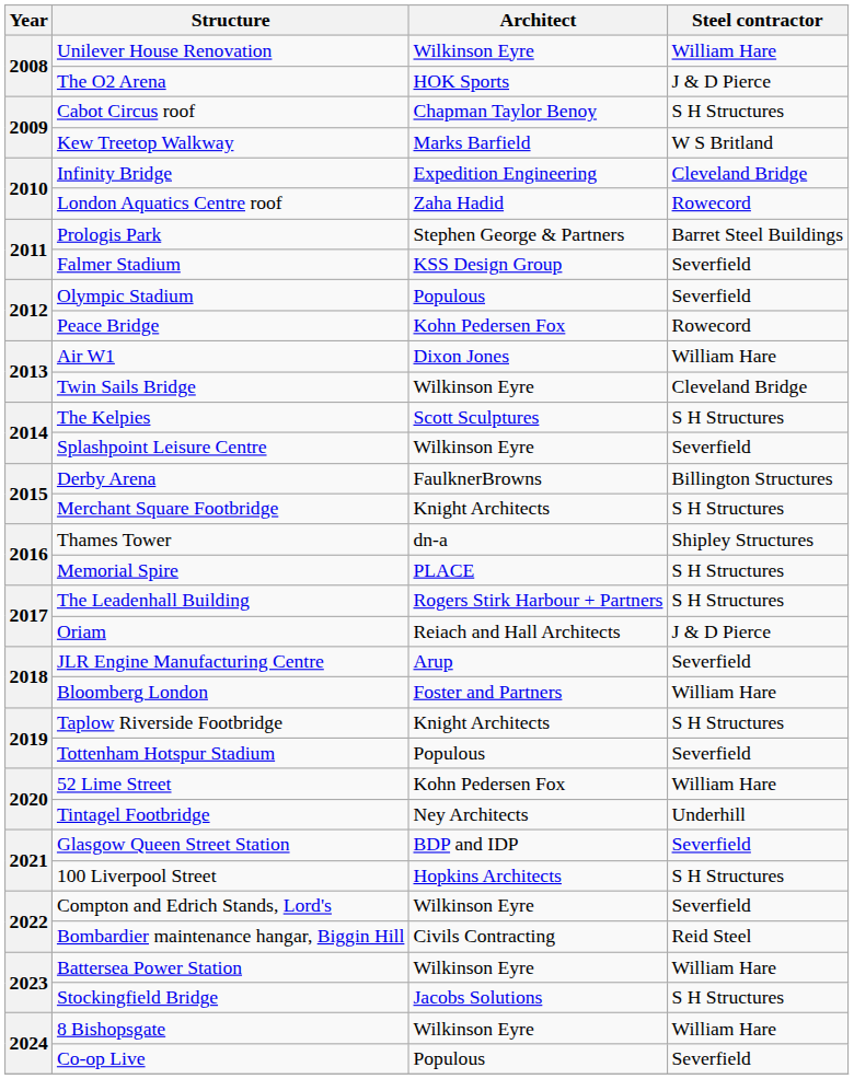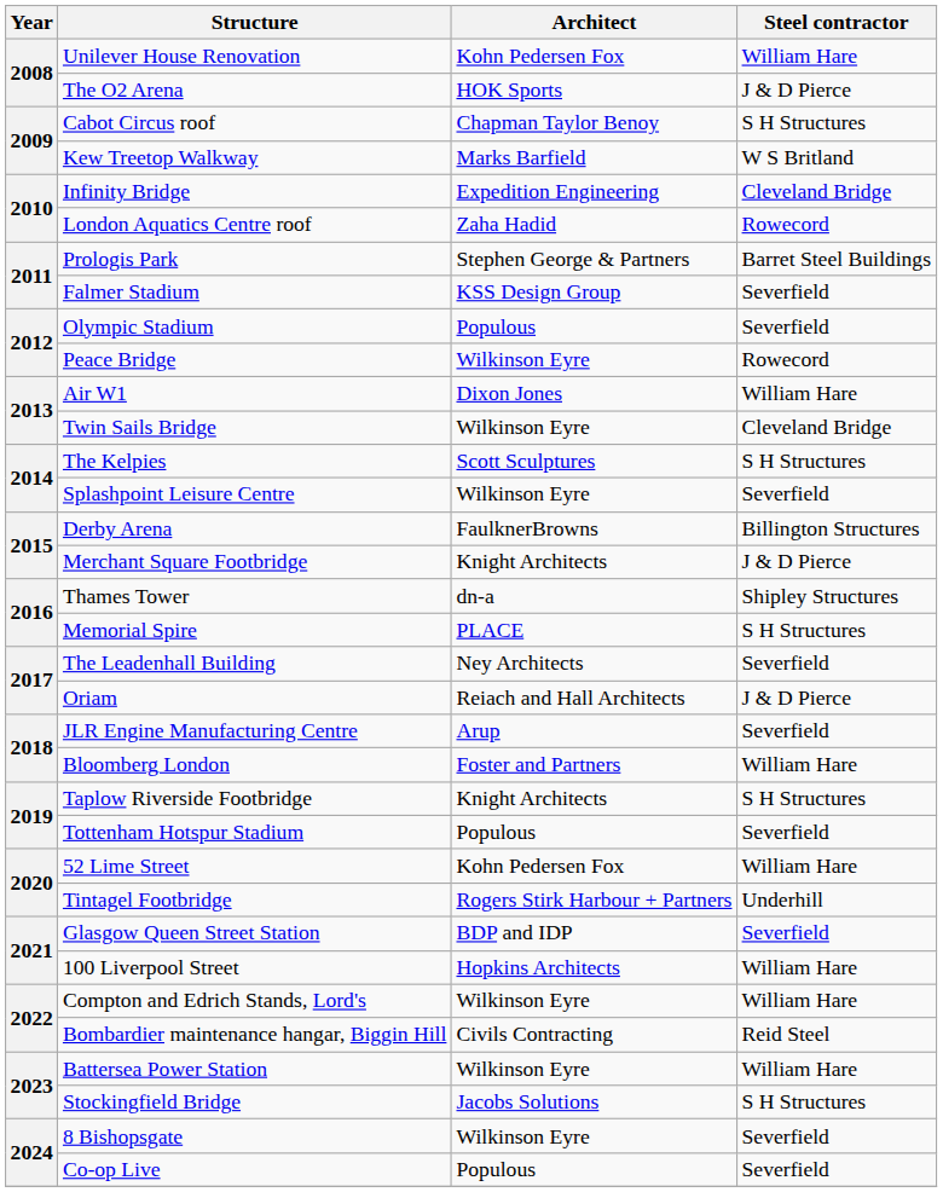 <table class="wikitable">
 <tr>
 <th>Year</th>
 <th>Structure</th>
 <th>Architect</th>
 <th>Steel contractor</th>
 </tr>
 <tr>
 <th rowspan=2>2008</th>
 <td><a href='#'>Unilever House Renovation</a></td>
-<td><a href='#'>Wilkinson Eyre</a></td>
+<td><a href='#'>Kohn Pedersen Fox</a></td>
 <td><a href='#'>William Hare</a></td>
 </tr>
 <tr>
 <td><a href='#'>The O2 Arena</a></td>
 <td><a href='#'>HOK Sports</a></td>
 <td>J & D Pierce</td>
 </tr>
 <tr>
 <th rowspan=2>2009</th>
 <td><a href='#'>Cabot Circus</a> roof</td>
 <td><a href='#'>Chapman Taylor Benoy</a></td>
 <td>S H Structures</td>
 </tr>
 <tr>
 <td><a href='#'>Kew Treetop Walkway</a></td>
 <td><a href='#'>Marks Barfield</a></td>
 <td>W S Britland</td>
 </tr>
 <tr>
 <th rowspan=2>2010</th>
 <td><a href='#'>Infinity Bridge</a></td>
 <td><a href='#'>Expedition Engineering</a></td>
 <td><a href='#'>Cleveland Bridge</a></td>
 </tr>
 <tr>
 <td><a href='#'>London Aquatics Centre</a> roof</td>
 <td><a href='#'>Zaha Hadid</a></td>
 <td><a href='#'>Rowecord</a></td>
 </tr>
 <tr>
 <th rowspan=2>2011</th>
 <td><a href='#'>Prologis Park</a></td>
 <td>Stephen George & Partners</td>
 <td>Barret Steel Buildings</td>
 </tr>
 <tr>
 <td><a href='#'>Falmer Stadium</a></td>
 <td><a href='#'>KSS Design Group</a></td>
 <td>Severfield</td>
 </tr>
 <tr>
 <th rowspan=2>2012</th>
 <td><a href='#'>Olympic Stadium</a></td>
 <td><a href='#'>Populous</a></td>
 <td>Severfield</td>
 </tr>
 <tr>
 <td><a href='#'>Peace Bridge</a></td>
-<td><a href='#'>Kohn Pedersen Fox</a></td>
+<td><a href='#'>Wilkinson Eyre</a></td>
 <td>Rowecord</td>
 </tr>
 <tr>
 <th rowspan=2>2013</th>
 <td><a href='#'>Air W1</a></td>
 <td><a href='#'>Dixon Jones</a></td>
 <td>William Hare</td>
 </tr>
 <tr>
 <td><a href='#'>Twin Sails Bridge</a></td>
 <td>Wilkinson Eyre</td>
 <td>Cleveland Bridge</td>
 </tr>
 <tr>
 <th rowspan=2>2014</th>
 <td><a href='#'>The Kelpies</a></td>
 <td><a href='#'>Scott Sculptures</a></td>
 <td>S H Structures</td>
 </tr>
 <tr>
 <td><a href='#'>Splashpoint Leisure Centre</a></td>
 <td>Wilkinson Eyre</td>
 <td>Severfield</td>
 </tr>
 <tr>
 <th rowspan=2>2015</th>
 <td><a href='#'>Derby Arena</a></td>
 <td>Faulkner­Browns</td>
 <td>Billington Structures</td>
 </tr>
 <tr>
 <td><a href='#'>Merchant Square Footbridge</a></td>
 <td>Knight Architects</td>
-<td>S H Structures</td>
+<td>J & D Pierce</td>
 </tr>
 <tr>
 <th rowspan=2>2016</th>
 <td>Thames Tower</td>
 <td>dn-a</td>
 <td>Shipley Structures</td>
 </tr>
 <tr>
 <td><a href='#'>Memorial Spire</a></td>
 <td><a href='#'>PLACE</a></td>
 <td>S H Structures</td>
 </tr>
 <tr>
 <th rowspan=2>2017</th>
 <td><a href='#'>The Leadenhall Building</a></td>
-<td><a href='#'>Rogers Stirk Harbour + Partners</a></td>
-<td>S H Structures</td>
+<td>Ney Architects</td>
+<td>Severfield</td>
 </tr>
 <tr>
 <td><a href='#'>Oriam</a></td>
 <td>Reiach and Hall Architects</td>
 <td>J & D Pierce</td>
 </tr>
 <tr>
 <th rowspan=2>2018</th>
 <td><a href='#'>JLR Engine Manu­facturing Centre</a></td>
 <td><a href='#'>Arup</a></td>
 <td>Severfield</td>
 </tr>
 <tr>
 <td><a href='#'>Bloomberg London</a></td>
 <td><a href='#'>Foster and Partners</a></td>
 <td>William Hare</td>
 </tr>
 <tr>
 <th rowspan=2>2019</th>
 <td><a href='#'>Taplow</a> Riverside Footbridge</td>
 <td>Knight Architects</td>
 <td>S H Structures</td>
 </tr>
 <tr>
 <td><a href='#'>Tottenham Hotspur Stadium</a></td>
 <td>Populous</td>
 <td>Severfield</td>
 </tr>
 <tr>
 <th rowspan=2>2020</th>
 <td><a href='#'>52 Lime Street</a></td>
 <td>Kohn Pedersen Fox</td>
 <td>William Hare</td>
 </tr>
 <tr>
 <td><a href='#'>Tintagel Footbridge</a></td>
-<td>Ney Architects</td>
+<td><a href='#'>Rogers Stirk Harbour + Partners</a></td>
 <td>Underhill</td>
 </tr>
 <tr>
 <th rowspan=2>2021</th>
 <td><a href='#'>Glasgow Queen Street Station</a></td>
 <td><a href='#'>BDP</a> and IDP</td>
 <td><a href='#'>Severfield</a></td>
 </tr>
 <tr>
 <td>100 Liverpool Street</td>
 <td><a href='#'>Hopkins Architects</a></td>
-<td>S H Structures</td>
+<td>William Hare</td>
 </tr>
 <tr>
 <th rowspan=2>2022</th>
 <td>Compton and Edrich Stands, <a href='#'>Lord's</a></td>
 <td>Wilkinson Eyre</td>
-<td>Severfield</td>
+<td>William Hare</td>
 </tr>
 <tr>
 <td><a href='#'>Bombardier</a> maintenance hangar, <a href='#'>Biggin Hill</a></td>
 <td>Civils Contracting</td>
 <td>Reid Steel</td>
 </tr>
 <tr>
 <th rowspan=2>2023</th>
 <td><a href='#'>Battersea Power Station</a></td>
 <td>Wilkinson Eyre</td>
 <td>William Hare</td>
 </tr>
 <tr>
 <td><a href='#'>Stockingfield Bridge</a></td>
 <td><a href='#'>Jacobs Solutions</a></td>
 <td>S H Structures</td>
 </tr>
 <tr>
 <th rowspan=2>2024</th>
 <td><a href='#'>8 Bishopsgate</a></td>
 <td>Wilkinson Eyre</td>
-<td>William Hare</td>
+<td>Severfield</td>
 </tr>
 <tr>
 <td><a href='#'>Co-op Live</a></td>
 <td>Populous</td>
 <td>Severfield</td>
 </tr>
 <tr>
 </tr>
 </table>
